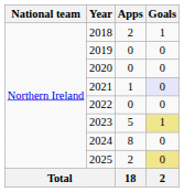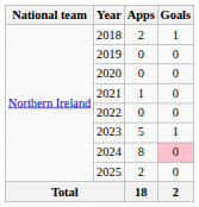 <table class=wikitable style="text-align: center;">
 <tr>
 <th>National team</th>
 <th>Year</th>
 <th>Apps</th>
 <th>Goals</th>
 </tr>
 <tr>
 <td rowspan=8><a href='#'>Northern Ireland</a></td>
 <td>2018</td>
 <td>2</td>
 <td>1</td>
 </tr>
 <tr>
 <td>2019</td>
 <td>0</td>
 <td>0</td>
 </tr>
 <tr>
 <td>2020</td>
 <td>0</td>
 <td>0</td>
 </tr>
 <tr>
 <td>2021</td>
 <td>1</td>
-<td style="background: lavender;">0</td>
+<td>0</td>
 </tr>
 <tr>
 <td>2022</td>
 <td>0</td>
 <td>0</td>
 </tr>
 <tr>
 <td>2023</td>
 <td>5</td>
-<td style="background: khaki;">1</td>
+<td>1</td>
 </tr>
 <tr>
 <td>2024</td>
 <td>8</td>
-<td>0</td>
+<td style="background: pink;">0</td>
 </tr>
 <tr>
 <td>2025</td>
 <td>2</td>
-<td style="background: khaki;">0</td>
+<td>0</td>
 </tr>
 <tr>
 <th colspan=2>Total</th>
 <th>18</th>
 <th>2</th>
 </tr>
 </table>
